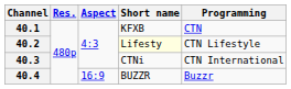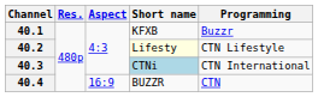 <table class="wikitable">
 <tr>
 <th>Channel</th>
 <th><a href='#'>Res.</a></th>
 <th><a href='#'>Aspect</a></th>
 <th>Short name</th>
 <th>Programming</th>
 </tr>
 <tr>
 <th scope = "row">40.1</th>
 <td rowspan=4><a href='#'>480p</a></td>
 <td rowspan=3><a href='#'>4:3</a></td>
 <td>KFXB</td>
-<td><a href='#'>CTN</a></td>
+<td><a href='#'>Buzzr</a></td>
 </tr>
 <tr>
 <th scope = "row">40.2</th>
 <td style="background: lightyellow;">Lifesty</td>
 <td>CTN Lifestyle</td>
 </tr>
 <tr>
 <th scope = "row">40.3</th>
-<td>CTNi</td>
+<td style="background: lightblue;">CTNi</td>
 <td>CTN International</td>
 </tr>
 <tr>
 <th scope = "row">40.4</th>
 <td><a href='#'>16:9</a></td>
 <td>BUZZR</td>
-<td><a href='#'>Buzzr</a></td>
+<td><a href='#'>CTN</a></td>
 </tr>
 </table>
